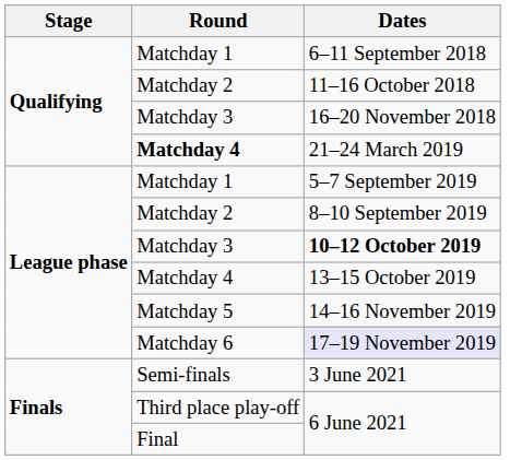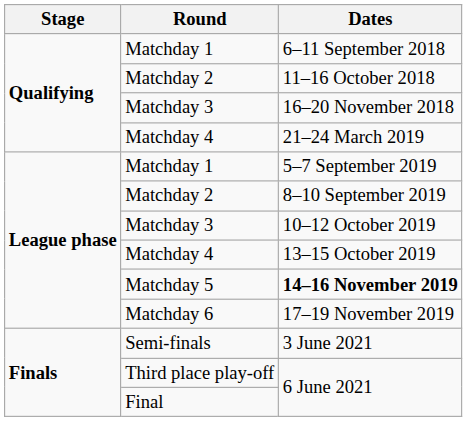 <table class="wikitable">
 <tr>
 <th>Stage</th>
 <th>Round</th>
 <th>Dates</th>
 </tr>
 <tr>
 <td rowspan="4"><strong>Qualifying</strong></td>
 <td>Matchday 1</td>
 <td>6–11 September 2018</td>
 </tr>
 <tr>
 <td>Matchday 2</td>
 <td>11–16 October 2018</td>
 </tr>
 <tr>
 <td>Matchday 3</td>
 <td>16–20 November 2018</td>
 </tr>
 <tr>
-<td><strong>Matchday 4</strong></td>
+<td>Matchday 4</td>
 <td>21–24 March 2019</td>
 </tr>
 <tr>
 <td rowspan="6"><strong>League phase</strong></td>
 <td>Matchday 1</td>
 <td>5–7 September 2019</td>
 </tr>
 <tr>
 <td>Matchday 2</td>
 <td>8–10 September 2019</td>
 </tr>
 <tr>
 <td>Matchday 3</td>
-<td><strong>10–12 October 2019</strong></td>
+<td>10–12 October 2019</td>
 </tr>
 <tr>
 <td>Matchday 4</td>
 <td>13–15 October 2019</td>
 </tr>
 <tr>
 <td>Matchday 5</td>
-<td>14–16 November 2019</td>
+<td><strong>14–16 November 2019</strong></td>
 </tr>
 <tr>
 <td>Matchday 6</td>
-<td style="background: lavender;">17–19 November 2019</td>
+<td>17–19 November 2019</td>
 </tr>
 <tr>
 <td rowspan="3"><strong>Finals</strong></td>
 <td>Semi-finals</td>
 <td>3 June 2021</td>
 </tr>
 <tr>
 <td>Third place play-off</td>
 <td rowspan="2">6 June 2021</td>
 </tr>
 <tr>
 <td>Final</td>
 </tr>
 </table>
